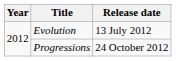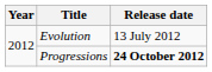 <table class="wikitable">
 <tr>
 <th>Year</th>
 <th>Title</th>
 <th>Release date</th>
 </tr>
 <tr>
 <td rowspan="2">2012</td>
 <td><em>Evolution</em></td>
 <td>13 July 2012</td>
 </tr>
 <tr>
 <td><em>Progressions</em></td>
-<td>24 October 2012</td>
+<td><strong>24 October 2012</strong></td>
 </tr>
 </table>
